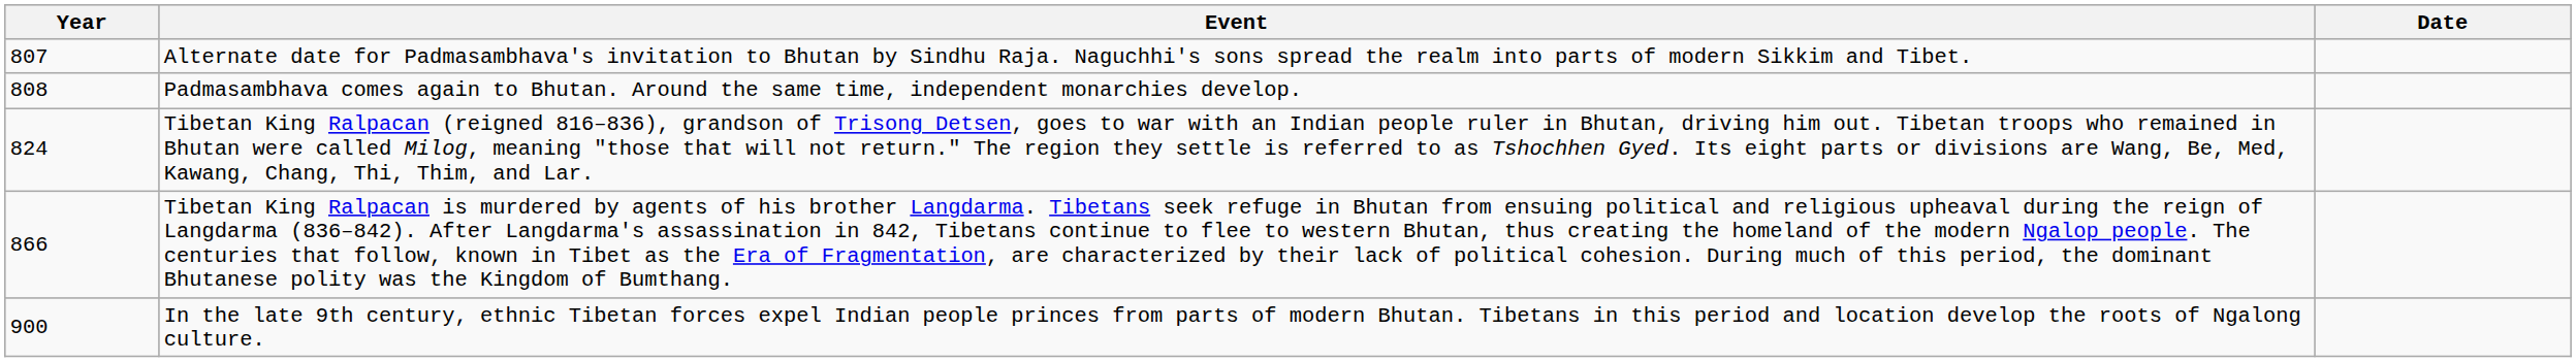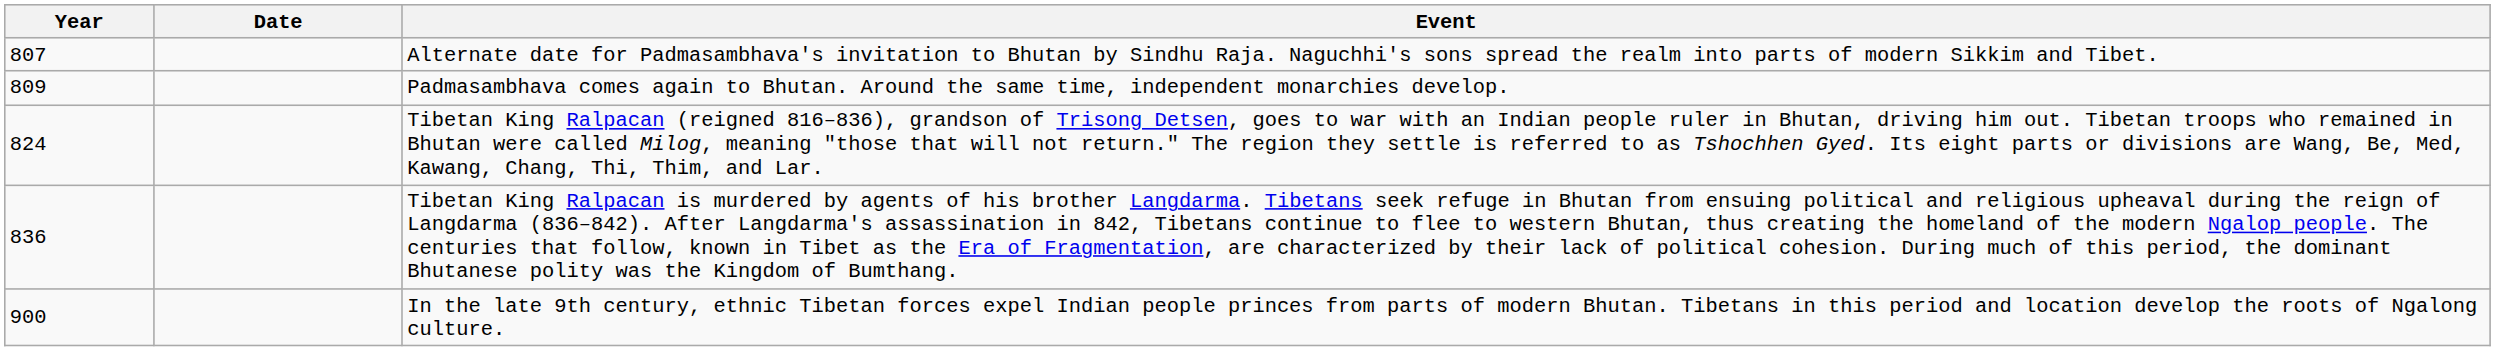 <table class="wikitable" width="100%">
 <tr>
 <th style="width:6%">Year</th>
+<th style="width:10%">Date</th>
 <th>Event</th>
-<th style="width:10%">Date</th>
 </tr>
 <tr>
 <td>807</td>
+<td></td>
 <td>Alternate date for Padmasambhava's invitation to Bhutan by Sindhu Raja. Naguchhi's sons spread the realm into parts of modern Sikkim and Tibet.</td>
-<td></td>
 </tr>
 <tr>
-<td>808</td>
+<td>809</td>
+<td></td>
 <td>Padmasambhava comes again to Bhutan. Around the same time, independent monarchies develop.</td>
-<td></td>
 </tr>
 <tr>
 <td>824</td>
+<td></td>
 <td>Tibetan King <a href='#'>Ralpacan</a> (reigned 816–836), grandson of <a href='#'>Trisong Detsen</a>, goes to war with an Indian people ruler in Bhutan, driving him out. Tibetan troops who remained in Bhutan were called <em>Milog</em>, meaning "those that will not return." The region they settle is referred to as <em>Tshochhen Gyed</em>. Its eight parts or divisions are Wang, Be, Med, Kawang, Chang, Thi, Thim, and Lar.</td>
-<td></td>
 </tr>
 <tr>
-<td>866</td>
+<td>836</td>
+<td></td>
 <td>Tibetan King <a href='#'>Ralpacan</a> is murdered by agents of his brother <a href='#'>Langdarma</a>. <a href='#'>Tibetans</a> seek refuge in Bhutan from ensuing political and religious upheaval during the reign of Langdarma (836–842). After Langdarma's assassination in 842, Tibetans continue to flee to western Bhutan, thus creating the homeland of the modern <a href='#'>Ngalop people</a>. The centuries that follow, known in Tibet as the <a href='#'>Era of Fragmentation</a>, are characterized by their lack of political cohesion. During much of this period, the dominant Bhutanese polity was the Kingdom of Bumthang.</td>
-<td></td>
 </tr>
 <tr>
 <td>900</td>
+<td></td>
 <td>In the late 9th century, ethnic Tibetan forces expel Indian people princes from parts of modern Bhutan. Tibetans in this period and location develop the roots of Ngalong culture.</td>
-<td></td>
 </tr>
 </table>
